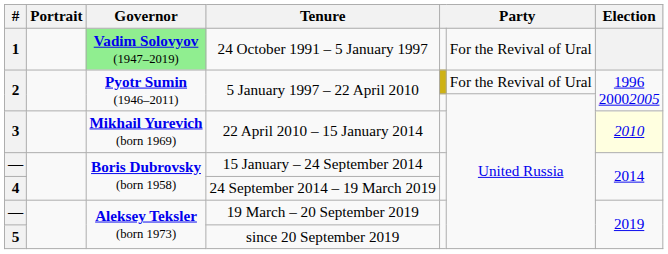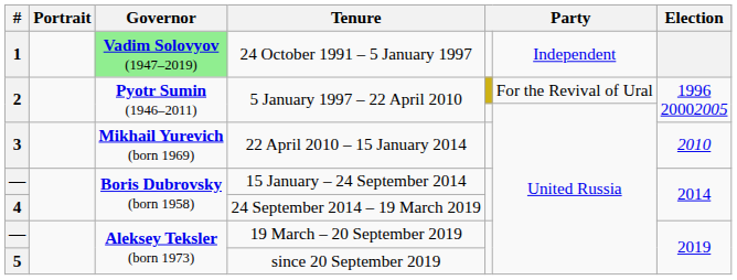 <table class="wikitable" style="text-align:center">
 <tr style="background:#cccccc" bgcolor=#E6E6AA>
 <th>#</th>
 <th>Portrait</th>
 <th>Governor</th>
 <th>Tenure</th>
 <th colspan="2">Party</th>
 <th>Election</th>
 </tr>
 <tr>
 <th>1</th>
 <td></td>
 <td style="background: lightgreen;"><strong><a href='#'>Vadim Solovyov</a></strong><br><small>(1947–2019)</small></td>
 <td>24 October 1991 – 5 January 1997</td>
 <td style="background: "></td>
-<td>For the Revival of Ural</td>
+<td><a href='#'>Independent</a></td>
 <th></th>
 </tr>
 <tr>
 <th rowspan=2>2</th>
 <td rowspan=2></td>
 <td rowspan=2><strong><a href='#'>Pyotr Sumin</a></strong><br><small>(1946–2011)</small></td>
 <td rowspan=2>5 January 1997 – 22 April 2010</td>
 <td style="background:#CEB214;"></td>
 <td>For the Revival of Ural</td>
 <td rowspan=2><a href='#'>1996</a><br><a href='#'>2000</a><em><a href='#'>2005</a></em></td>
 </tr>
 <tr>
 <td style="background: "></td>
 <td rowspan="6"><a href='#'>United Russia</a></td>
 </tr>
 <tr>
 <th>3</th>
 <td></td>
 <td><strong><a href='#'>Mikhail Yurevich</a></strong><br><small>(born 1969)</small></td>
 <td>22 April 2010 – 15 January 2014</td>
 <td style="background: "></td>
-<td style="background: lightyellow;"><em><a href='#'>2010</a></em></td>
+<td><em><a href='#'>2010</a></em></td>
 </tr>
 <tr>
 <th>—</th>
 <td rowspan=2></td>
 <td rowspan=2><strong><a href='#'>Boris Dubrovsky</a></strong><br><small>(born 1958)</small></td>
 <td>15 January – 24 September 2014</td>
 <td rowspan=2; style="background: "></td>
 <td rowspan=2><a href='#'>2014</a></td>
 </tr>
 <tr>
 <th>4</th>
 <td>24 September 2014 – 19 March 2019</td>
 </tr>
 <tr>
 <th>—</th>
 <td rowspan=2></td>
 <td rowspan=2><strong><a href='#'>Aleksey Teksler</a></strong><br><small>(born 1973)</small></td>
 <td>19 March – 20 September 2019</td>
 <td rowspan=2; style="background: "></td>
 <td rowspan=2><a href='#'>2019</a></td>
 </tr>
 <tr>
 <th>5</th>
 <td>since 20 September 2019</td>
 </tr>
 </table>
